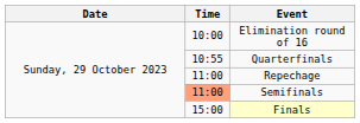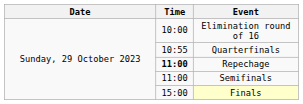 <table class = "wikitable" style="text-align:center;">
 <tr>
 <th width=220>Date</th>
 <th width=50>Time</th>
 <th width=150>Event</th>
 </tr>
 <tr>
 <td rowspan=5>Sunday, 29 October 2023</td>
 <td>10:00</td>
 <td>Elimination round of 16</td>
 </tr>
 <tr>
 <td>10:55</td>
 <td>Quarterfinals</td>
 </tr>
 <tr>
-<td>11:00</td>
+<td><strong>11:00</strong></td>
 <td>Repechage</td>
 </tr>
 <tr>
-<td style="background: lightsalmon;">11:00</td>
+<td>11:00</td>
 <td>Semifinals</td>
 </tr>
 <tr>
 <td>15:00</td>
 <td bgcolor=ffffcc>Finals</td>
 </tr>
 </table>
